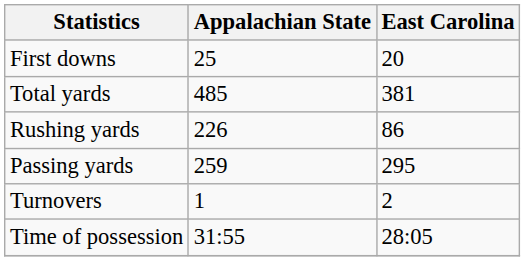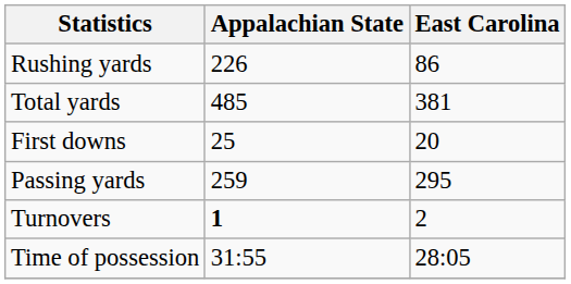 <table class="wikitable">
 <tr>
 <th>Statistics</th>
 <th>Appalachian State</th>
 <th>East Carolina</th>
 </tr>
 <tr>
-<td>First downs</td>
-<td>25</td>
-<td>20</td>
+<td>Rushing yards</td>
+<td>226</td>
+<td>86</td>
 </tr>
 <tr>
 <td>Total yards</td>
 <td>485</td>
 <td>381</td>
 </tr>
 <tr>
-<td>Rushing yards</td>
-<td>226</td>
-<td>86</td>
+<td>First downs</td>
+<td>25</td>
+<td>20</td>
 </tr>
 <tr>
 <td>Passing yards</td>
 <td>259</td>
 <td>295</td>
 </tr>
 <tr>
 <td>Turnovers</td>
-<td>1</td>
+<td><strong>1</strong></td>
 <td>2</td>
 </tr>
 <tr>
 <td>Time of possession</td>
 <td>31:55</td>
 <td>28:05</td>
 </tr>
 <tr>
 </tr>
 </table>
